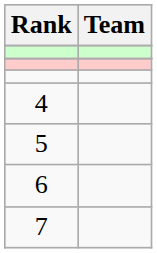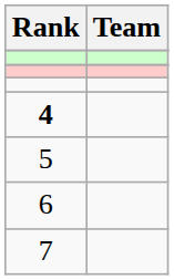 <table class="wikitable" border="1">
 <tr>
 <th>Rank</th>
 <th>Team</th>
 </tr>
 <tr>
 </tr>
 <tr bgcolor=#ccffcc>
 <td align=center></td>
 <td></td>
 </tr>
 <tr>
 </tr>
 <tr bgcolor=#ffcccc>
 <td align=center></td>
 <td></td>
 </tr>
 <tr>
 <td align=center></td>
 <td></td>
 </tr>
 <tr>
-<td align=center>4</td>
+<td align=center><strong>4</strong></td>
 <td></td>
 </tr>
 <tr>
 <td align=center>5</td>
 <td></td>
 </tr>
 <tr>
 <td align=center>6</td>
 <td></td>
 </tr>
 <tr>
 <td align=center>7</td>
 <td></td>
 </tr>
 </table>
